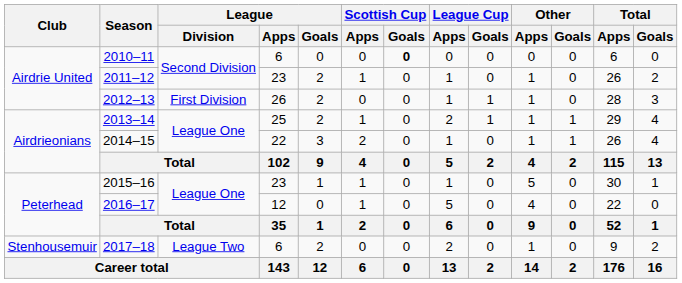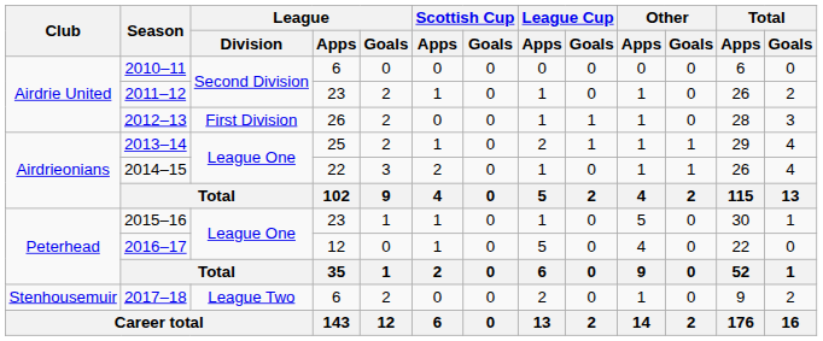 <table class="wikitable" style="text-align:center">
 <tr>
 <th rowspan="2">Club</th>
 <th rowspan="2">Season</th>
 <th colspan="3">League</th>
 <th colspan="2"><a href='#'>Scottish Cup</a></th>
 <th colspan="2"><a href='#'>League Cup</a></th>
 <th colspan="2">Other</th>
 <th colspan="2">Total</th>
 </tr>
 <tr>
 <th>Division</th>
 <th>Apps</th>
 <th>Goals</th>
 <th>Apps</th>
 <th>Goals</th>
 <th>Apps</th>
 <th>Goals</th>
 <th>Apps</th>
 <th>Goals</th>
 <th>Apps</th>
 <th>Goals</th>
 </tr>
 <tr>
 <td rowspan="3"><a href='#'>Airdrie United</a></td>
 <td><a href='#'>2010–11</a></td>
 <td rowspan="2"><a href='#'>Second Division</a></td>
 <td>6</td>
 <td>0</td>
 <td>0</td>
-<td><strong>0</strong></td>
+<td>0</td>
 <td>0</td>
 <td>0</td>
 <td>0</td>
 <td>0</td>
 <td>6</td>
 <td>0</td>
 </tr>
 <tr>
 <td><a href='#'>2011–12</a></td>
 <td>23</td>
 <td>2</td>
 <td>1</td>
 <td>0</td>
 <td>1</td>
 <td>0</td>
 <td>1</td>
 <td>0</td>
 <td>26</td>
 <td>2</td>
 </tr>
 <tr>
 <td><a href='#'>2012–13</a></td>
 <td><a href='#'>First Division</a></td>
 <td>26</td>
 <td>2</td>
 <td>0</td>
 <td>0</td>
 <td>1</td>
 <td>1</td>
 <td>1</td>
 <td>0</td>
 <td>28</td>
 <td>3</td>
 </tr>
 <tr>
 <td rowspan="3"><a href='#'>Airdrieonians</a></td>
 <td><a href='#'>2013–14</a></td>
 <td rowspan="2"><a href='#'>League One</a></td>
 <td>25</td>
 <td>2</td>
 <td>1</td>
 <td>0</td>
 <td>2</td>
 <td>1</td>
 <td>1</td>
 <td>1</td>
 <td>29</td>
 <td>4</td>
 </tr>
 <tr>
 <td>2014–15</td>
 <td>22</td>
 <td>3</td>
 <td>2</td>
 <td>0</td>
 <td>1</td>
 <td>0</td>
 <td>1</td>
 <td>1</td>
 <td>26</td>
 <td>4</td>
 </tr>
 <tr>
 <th colspan="2">Total</th>
 <th>102</th>
 <th>9</th>
 <th>4</th>
 <th>0</th>
 <th>5</th>
 <th>2</th>
 <th>4</th>
 <th>2</th>
 <th>115</th>
 <th>13</th>
 </tr>
 <tr>
 <td rowspan="3"><a href='#'>Peterhead</a></td>
 <td>2015–16</td>
 <td rowspan="2"><a href='#'>League One</a></td>
 <td>23</td>
 <td>1</td>
 <td>1</td>
 <td>0</td>
 <td>1</td>
 <td>0</td>
 <td>5</td>
 <td>0</td>
 <td>30</td>
 <td>1</td>
 </tr>
 <tr>
 <td><a href='#'>2016–17</a></td>
 <td>12</td>
 <td>0</td>
 <td>1</td>
 <td>0</td>
 <td>5</td>
 <td>0</td>
 <td>4</td>
 <td>0</td>
 <td>22</td>
 <td>0</td>
 </tr>
 <tr>
 <th colspan="2">Total</th>
 <th>35</th>
 <th>1</th>
 <th>2</th>
 <th>0</th>
 <th>6</th>
 <th>0</th>
 <th>9</th>
 <th>0</th>
 <th>52</th>
 <th>1</th>
 </tr>
 <tr>
 <td><a href='#'>Stenhousemuir</a></td>
 <td><a href='#'>2017–18</a></td>
 <td><a href='#'>League Two</a></td>
 <td>6</td>
 <td>2</td>
 <td>0</td>
 <td>0</td>
 <td>2</td>
 <td>0</td>
 <td>1</td>
 <td>0</td>
 <td>9</td>
 <td>2</td>
 </tr>
 <tr>
 <th colspan="3">Career total</th>
 <th>143</th>
 <th>12</th>
 <th>6</th>
 <th>0</th>
 <th>13</th>
 <th>2</th>
 <th>14</th>
 <th>2</th>
 <th>176</th>
 <th>16</th>
 </tr>
 </table>
